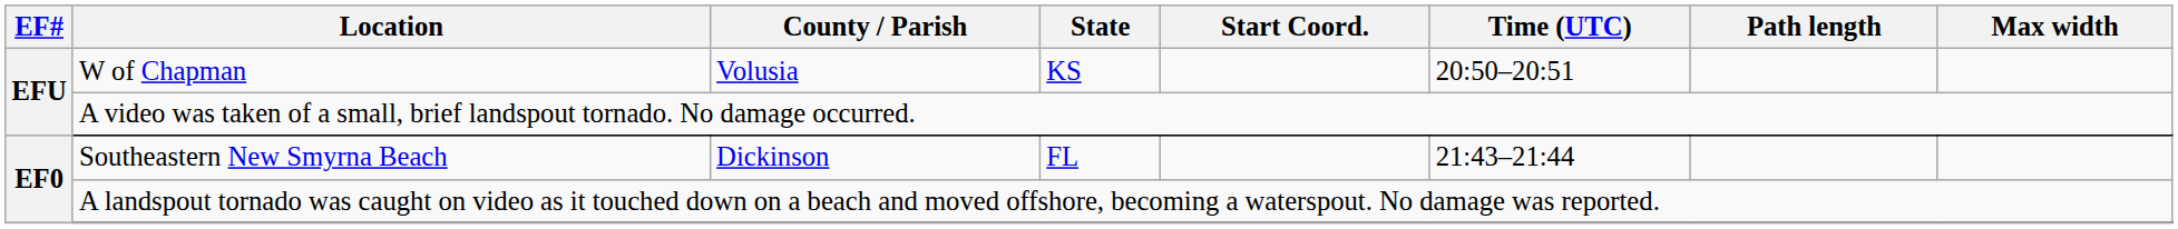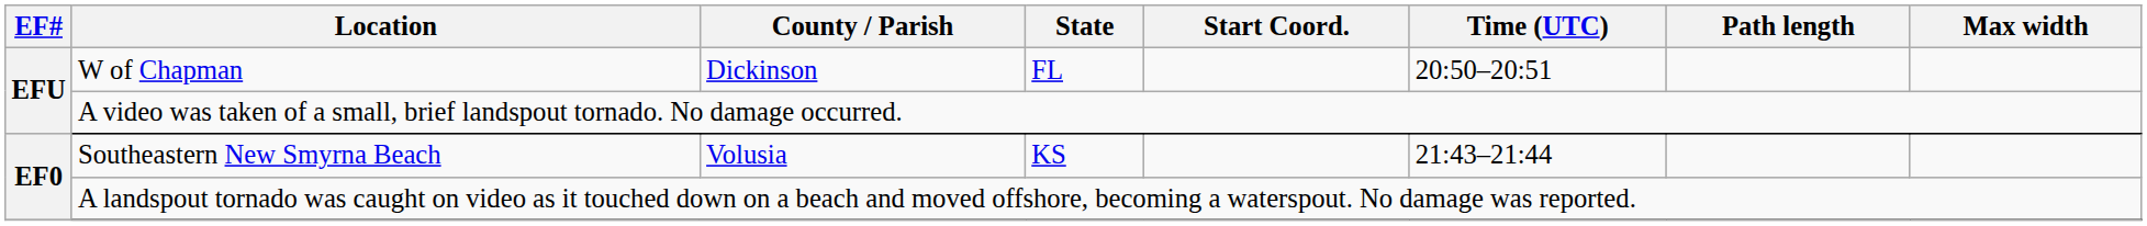 <table class="wikitable sortable" style="width:100%;">
 <tr>
 <th scope="col" width="2%" align="center"><a href='#'>EF#</a></th>
 <th scope="col" align="center" class="unsortable">Location</th>
 <th scope="col" align="center" class="unsortable">County / Parish</th>
 <th scope="col" align="center">State</th>
 <th scope="col" align="center">Start Coord.</th>
 <th scope="col" align="center">Time (<a href='#'>UTC</a>)</th>
 <th scope="col" align="center">Path length</th>
 <th scope="col" align="center">Max width</th>
 </tr>
 <tr>
 <th scope="row" rowspan="2" style="background-color:#">EFU</th>
 <td>W of <a href='#'>Chapman</a></td>
-<td><a href='#'>Volusia</a></td>
-<td><a href='#'>KS</a></td>
+<td><a href='#'>Dickinson</a></td>
+<td><a href='#'>FL</a></td>
 <td></td>
 <td>20:50–20:51</td>
 <td></td>
 <td></td>
 </tr>
 <tr class="expand-child">
 <td colspan="8" style=" border-bottom: 1px solid black;">A video was taken of a small, brief landspout tornado. No damage occurred.</td>
 </tr>
 <tr>
 <th scope="row" rowspan="2" style="background-color:#">EF0</th>
 <td>Southeastern <a href='#'>New Smyrna Beach</a></td>
-<td><a href='#'>Dickinson</a></td>
-<td><a href='#'>FL</a></td>
+<td><a href='#'>Volusia</a></td>
+<td><a href='#'>KS</a></td>
 <td></td>
 <td>21:43–21:44</td>
 <td></td>
 <td></td>
 </tr>
 <tr class="expand-child">
 <td colspan="8" style=" border-bottom: 1px solid black;">A landspout tornado was caught on video as it touched down on a beach and moved offshore, becoming a waterspout. No damage was reported.</td>
 </tr>
 <tr>
 </tr>
 </table>
